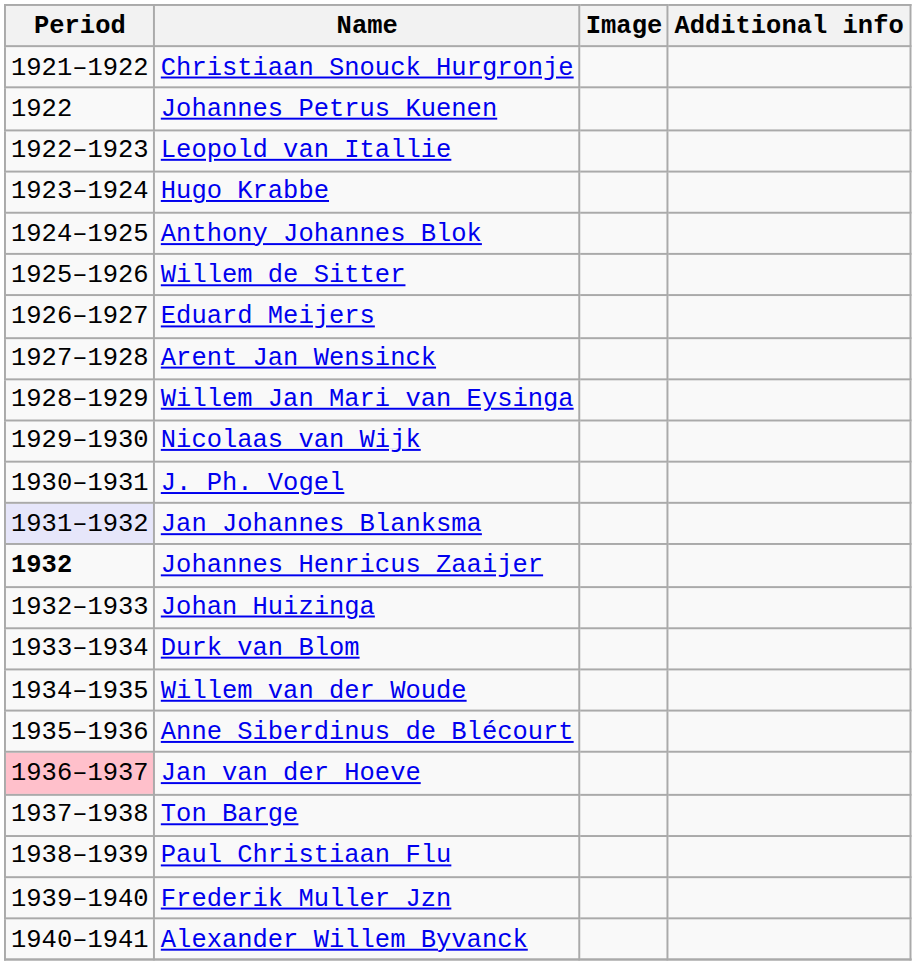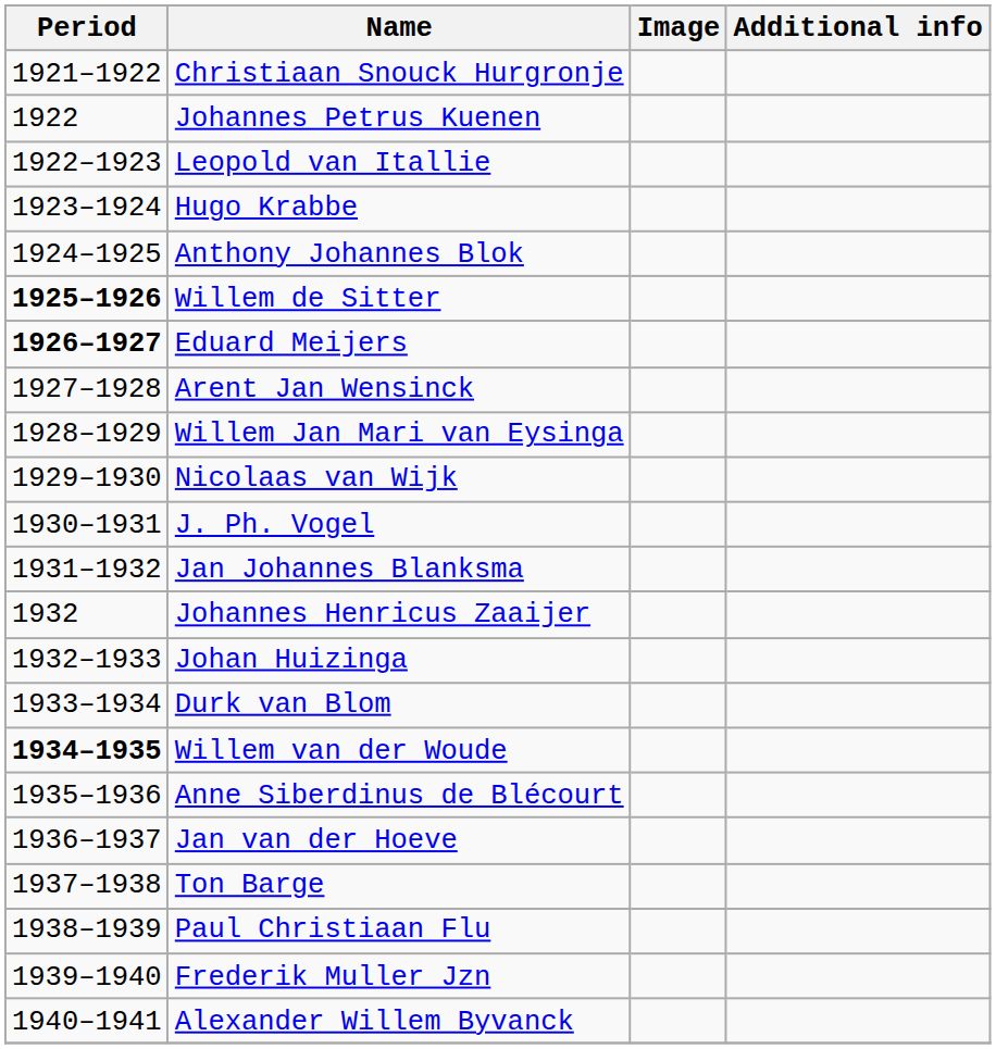 <table class="wikitable">
 <tr>
 <th>Period</th>
 <th>Name</th>
 <th>Image</th>
 <th>Additional info</th>
 </tr>
 <tr>
 <td>1921–1922</td>
 <td><a href='#'>Christiaan Snouck Hurgronje</a></td>
 <td></td>
 <td></td>
 </tr>
 <tr>
 <td>1922</td>
 <td><a href='#'>Johannes Petrus Kuenen</a></td>
 <td></td>
 <td></td>
 </tr>
 <tr>
 <td>1922–1923</td>
 <td><a href='#'>Leopold van Itallie</a></td>
 <td></td>
 <td></td>
 </tr>
 <tr>
 <td>1923–1924</td>
 <td><a href='#'>Hugo Krabbe</a></td>
 <td></td>
 <td></td>
 </tr>
 <tr>
 <td>1924–1925</td>
 <td><a href='#'>Anthony Johannes Blok</a></td>
 <td></td>
 <td></td>
 </tr>
 <tr>
-<td>1925–1926</td>
+<td><strong>1925–1926</strong></td>
 <td><a href='#'>Willem de Sitter</a></td>
 <td></td>
 <td></td>
 </tr>
 <tr>
-<td>1926–1927</td>
+<td><strong>1926–1927</strong></td>
 <td><a href='#'>Eduard Meijers</a></td>
 <td></td>
 <td></td>
 </tr>
 <tr>
 <td>1927–1928</td>
 <td><a href='#'>Arent Jan Wensinck</a></td>
 <td></td>
 <td></td>
 </tr>
 <tr>
 <td>1928–1929</td>
 <td><a href='#'>Willem Jan Mari van Eysinga</a></td>
 <td></td>
 <td></td>
 </tr>
 <tr>
 <td>1929–1930</td>
 <td><a href='#'>Nicolaas van Wijk</a></td>
 <td></td>
 <td></td>
 </tr>
 <tr>
 <td>1930–1931</td>
 <td><a href='#'>J. Ph. Vogel</a></td>
 <td></td>
 <td></td>
 </tr>
 <tr>
-<td style="background: lavender;">1931–1932</td>
+<td>1931–1932</td>
 <td><a href='#'>Jan Johannes Blanksma</a></td>
 <td></td>
 <td></td>
 </tr>
 <tr>
-<td><strong>1932</strong></td>
+<td>1932</td>
 <td><a href='#'>Johannes Henricus Zaaijer</a></td>
 <td></td>
 <td></td>
 </tr>
 <tr>
 <td>1932–1933</td>
 <td><a href='#'>Johan Huizinga</a></td>
 <td></td>
 <td></td>
 </tr>
 <tr>
 <td>1933–1934</td>
 <td><a href='#'>Durk van Blom</a></td>
 <td></td>
 <td></td>
 </tr>
 <tr>
-<td>1934–1935</td>
+<td><strong>1934–1935</strong></td>
 <td><a href='#'>Willem van der Woude</a></td>
 <td></td>
 <td></td>
 </tr>
 <tr>
 <td>1935–1936</td>
 <td><a href='#'>Anne Siberdinus de Blécourt</a></td>
 <td></td>
 <td></td>
 </tr>
 <tr>
-<td style="background: pink;">1936–1937</td>
+<td>1936–1937</td>
 <td><a href='#'>Jan van der Hoeve</a></td>
 <td></td>
 <td></td>
 </tr>
 <tr>
 <td>1937–1938</td>
 <td><a href='#'>Ton Barge</a></td>
 <td></td>
 <td></td>
 </tr>
 <tr>
 <td>1938–1939</td>
 <td><a href='#'>Paul Christiaan Flu</a></td>
 <td></td>
 <td></td>
 </tr>
 <tr>
 <td>1939–1940</td>
 <td><a href='#'>Frederik Muller Jzn</a></td>
 <td></td>
 <td></td>
 </tr>
 <tr>
 <td>1940–1941</td>
 <td><a href='#'>Alexander Willem Byvanck</a></td>
 <td></td>
 <td></td>
 </tr>
 <tr>
 </tr>
 </table>
